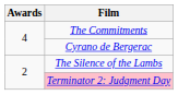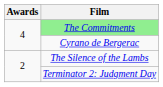 <table class="wikitable" style="text-align:center;">
 <tr>
 <th style="background:">Awards</th>
 <th style="background:">Film</th>
 </tr>
 <tr>
 <td rowspan="2">4</td>
-<td><em><a href='#'>The Commitments</a></em></td>
+<td style="background: lightgreen;"><em><a href='#'>The Commitments</a></em></td>
 </tr>
 <tr>
 <td><em><a href='#'>Cyrano de Bergerac</a></em></td>
 </tr>
 <tr>
 <td rowspan="2">2</td>
 <td><em><a href='#'>The Silence of the Lambs</a></em></td>
 </tr>
 <tr>
-<td style="background: pink;"><em><a href='#'>Terminator 2: Judgment Day</a></em></td>
+<td><em><a href='#'>Terminator 2: Judgment Day</a></em></td>
 </tr>
 </table>
